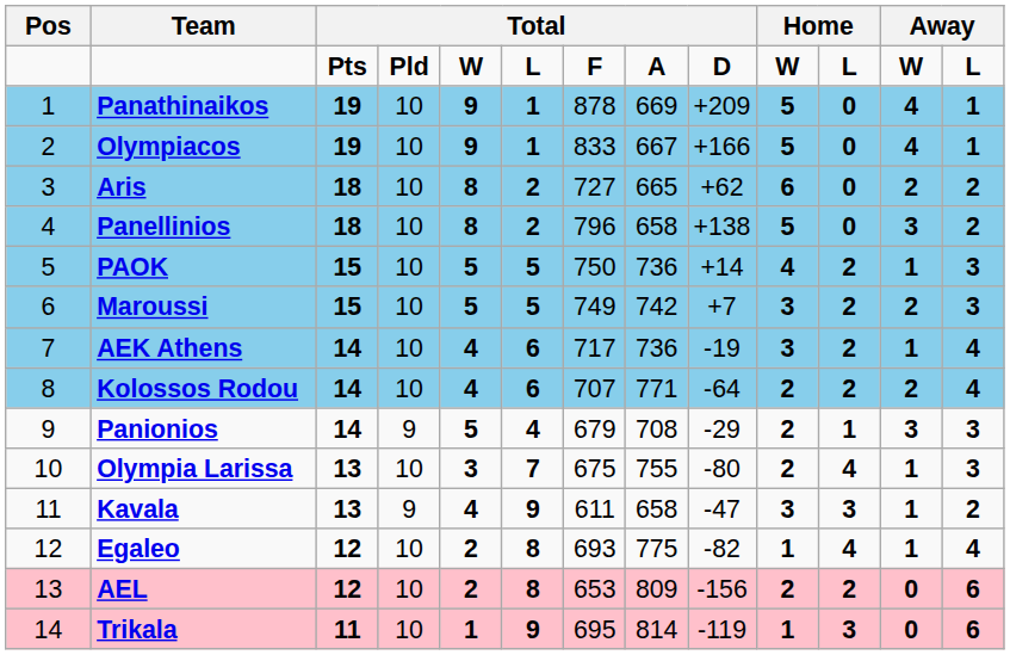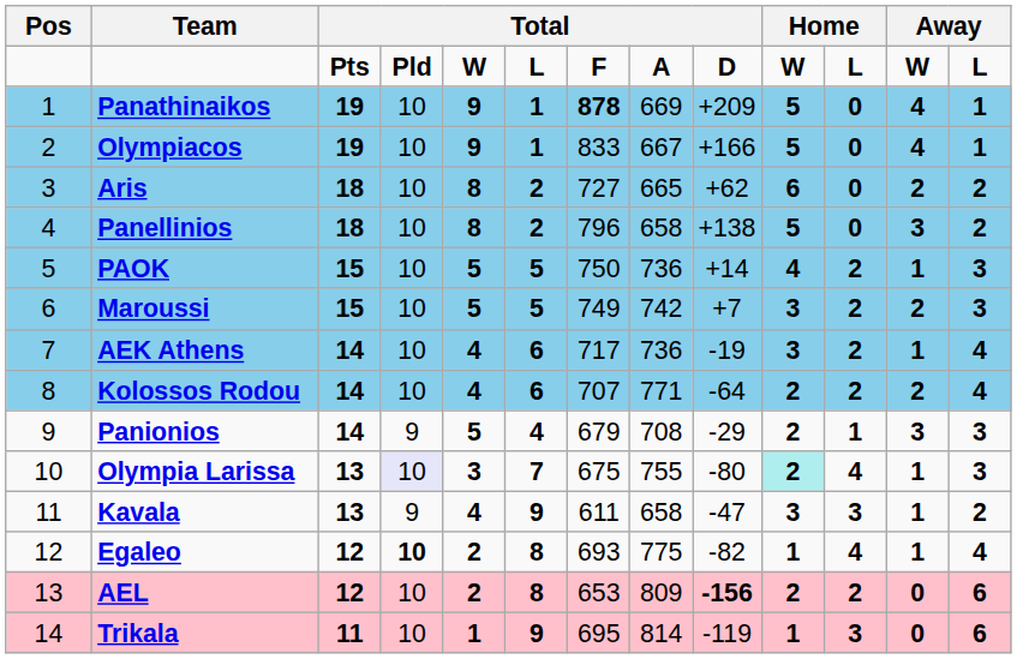 <table {| class="wikitable" style="text-align: center; font-size:95%">
 <tr>
 <th width="44">Pos</th>
 <th width="128">Team</th>
 <th colspan=7>Total</th>
 <th colspan=2>Home</th>
 <th colspan=2>Away</th>
 </tr>
 <tr>
 <td></td>
 <td></td>
 <td width="30"><strong>Pts</strong></td>
 <td width="30"><strong>Pld</strong></td>
 <td width="30"><strong>W</strong></td>
 <td width="30"><strong>L</strong></td>
 <td width="30"><strong>F</strong></td>
 <td width="30"><strong>A</strong></td>
 <td width="30"><strong>D</strong></td>
 <td width="30"><strong>W</strong></td>
 <td width="30"><strong>L</strong></td>
 <td width="30"><strong>W</strong></td>
 <td width="30"><strong>L</strong></td>
 </tr>
 <tr bgcolor="87ceeb">
 <td>1</td>
 <td align="left"><strong><a href='#'>Panathinaikos</a></strong></td>
 <td><strong>19</strong></td>
 <td>10</td>
 <td><strong>9</strong></td>
 <td><strong>1</strong></td>
-<td>878</td>
+<td><strong>878</strong></td>
 <td>669</td>
 <td>+209</td>
 <td><strong>5</strong></td>
 <td><strong>0</strong></td>
 <td><strong>4</strong></td>
 <td><strong>1</strong></td>
 </tr>
 <tr bgcolor="87ceeb">
 <td>2</td>
 <td align="left"><strong><a href='#'>Olympiacos</a></strong></td>
 <td><strong>19</strong></td>
 <td>10</td>
 <td><strong>9</strong></td>
 <td><strong>1</strong></td>
 <td>833</td>
 <td>667</td>
 <td>+166</td>
 <td><strong>5</strong></td>
 <td><strong>0</strong></td>
 <td><strong>4</strong></td>
 <td><strong>1</strong></td>
 </tr>
 <tr bgcolor="87ceeb">
 <td>3</td>
 <td align="left"><strong><a href='#'>Aris</a></strong></td>
 <td><strong>18</strong></td>
 <td>10</td>
 <td><strong>8</strong></td>
 <td><strong>2</strong></td>
 <td>727</td>
 <td>665</td>
 <td>+62</td>
 <td><strong>6</strong></td>
 <td><strong>0</strong></td>
 <td><strong>2</strong></td>
 <td><strong>2</strong></td>
 </tr>
 <tr bgcolor="87ceeb">
 <td>4</td>
 <td align="left"><strong><a href='#'>Panellinios</a></strong></td>
 <td><strong>18</strong></td>
 <td>10</td>
 <td><strong>8</strong></td>
 <td><strong>2</strong></td>
 <td>796</td>
 <td>658</td>
 <td>+138</td>
 <td><strong>5</strong></td>
 <td><strong>0</strong></td>
 <td><strong>3</strong></td>
 <td><strong>2</strong></td>
 </tr>
 <tr bgcolor="87ceeb">
 <td>5</td>
 <td align="left"><strong><a href='#'>PAOK</a></strong></td>
 <td><strong>15</strong></td>
 <td>10</td>
 <td><strong>5</strong></td>
 <td><strong>5</strong></td>
 <td>750</td>
 <td>736</td>
 <td>+14</td>
 <td><strong>4</strong></td>
 <td><strong>2</strong></td>
 <td><strong>1</strong></td>
 <td><strong>3</strong></td>
 </tr>
 <tr bgcolor="87ceeb">
 <td>6</td>
 <td align="left"><strong><a href='#'>Maroussi</a></strong></td>
 <td><strong>15</strong></td>
 <td>10</td>
 <td><strong>5</strong></td>
 <td><strong>5</strong></td>
 <td>749</td>
 <td>742</td>
 <td>+7</td>
 <td><strong>3</strong></td>
 <td><strong>2</strong></td>
 <td><strong>2</strong></td>
 <td><strong>3</strong></td>
 </tr>
 <tr bgcolor="87ceeb">
 <td>7</td>
 <td align="left"><strong><a href='#'>AEK Athens</a></strong></td>
 <td><strong>14</strong></td>
 <td>10</td>
 <td><strong>4</strong></td>
 <td><strong>6</strong></td>
 <td>717</td>
 <td>736</td>
 <td>-19</td>
 <td><strong>3</strong></td>
 <td><strong>2</strong></td>
 <td><strong>1</strong></td>
 <td><strong>4</strong></td>
 </tr>
 <tr bgcolor="87ceeb">
 <td>8</td>
 <td align="left"><strong><a href='#'>Kolossos Rodou</a></strong></td>
 <td><strong>14</strong></td>
 <td>10</td>
 <td><strong>4</strong></td>
 <td><strong>6</strong></td>
 <td>707</td>
 <td>771</td>
 <td>-64</td>
 <td><strong>2</strong></td>
 <td><strong>2</strong></td>
 <td><strong>2</strong></td>
 <td><strong>4</strong></td>
 </tr>
 <tr>
 <td>9</td>
 <td align="left"><strong><a href='#'>Panionios</a></strong></td>
 <td><strong>14</strong></td>
 <td>9</td>
 <td><strong>5</strong></td>
 <td><strong>4</strong></td>
 <td>679</td>
 <td>708</td>
 <td>-29</td>
 <td><strong>2</strong></td>
 <td><strong>1</strong></td>
 <td><strong>3</strong></td>
 <td><strong>3</strong></td>
 </tr>
 <tr>
 <td>10</td>
 <td align="left"><strong><a href='#'>Olympia Larissa</a></strong></td>
 <td><strong>13</strong></td>
-<td>10</td>
+<td style="background: lavender;">10</td>
 <td><strong>3</strong></td>
 <td><strong>7</strong></td>
 <td>675</td>
 <td>755</td>
 <td>-80</td>
-<td><strong>2</strong></td>
+<td style="background: paleturquoise;"><strong>2</strong></td>
 <td><strong>4</strong></td>
 <td><strong>1</strong></td>
 <td><strong>3</strong></td>
 </tr>
 <tr>
 <td>11</td>
 <td align="left"><strong><a href='#'>Kavala</a></strong></td>
 <td><strong>13</strong></td>
 <td>9</td>
 <td><strong>4</strong></td>
 <td><strong>9</strong></td>
 <td>611</td>
 <td>658</td>
 <td>-47</td>
 <td><strong>3</strong></td>
 <td><strong>3</strong></td>
 <td><strong>1</strong></td>
 <td><strong>2</strong></td>
 </tr>
 <tr>
 <td>12</td>
 <td align="left"><strong><a href='#'>Egaleo</a></strong></td>
 <td><strong>12</strong></td>
-<td>10</td>
+<td><strong>10</strong></td>
 <td><strong>2</strong></td>
 <td><strong>8</strong></td>
 <td>693</td>
 <td>775</td>
 <td>-82</td>
 <td><strong>1</strong></td>
 <td><strong>4</strong></td>
 <td><strong>1</strong></td>
 <td><strong>4</strong></td>
 </tr>
 <tr bgcolor="ffc0cb">
 <td>13</td>
 <td align="left"><strong><a href='#'>AEL</a></strong></td>
 <td><strong>12</strong></td>
 <td>10</td>
 <td><strong>2</strong></td>
 <td><strong>8</strong></td>
 <td>653</td>
 <td>809</td>
-<td>-156</td>
+<td><strong>-156</strong></td>
 <td><strong>2</strong></td>
 <td><strong>2</strong></td>
 <td><strong>0</strong></td>
 <td><strong>6</strong></td>
 </tr>
 <tr bgcolor="ffc0cb">
 <td>14</td>
 <td align="left"><strong><a href='#'>Trikala</a></strong></td>
 <td><strong>11</strong></td>
 <td>10</td>
 <td><strong>1</strong></td>
 <td><strong>9</strong></td>
 <td>695</td>
 <td>814</td>
 <td>-119</td>
 <td><strong>1</strong></td>
 <td><strong>3</strong></td>
 <td><strong>0</strong></td>
 <td><strong>6</strong></td>
 </tr>
 </table>
